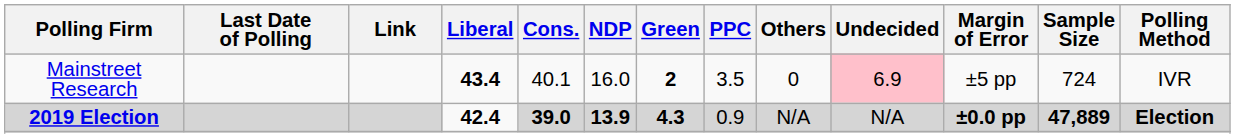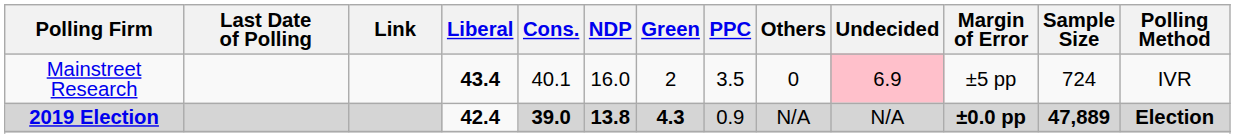 <table class="wikitable sortable" style="text-align:center;font-size:90%;line-height:14px;">
 <tr style="background:#e9e9e9;">
 <th style="width:120px">Polling Firm</th>
 <th style="width:110px">Last Date<br>of Polling</th>
 <th style="width:60px" class="unsortable">Link</th>
 <th style="background-color:"><a href='#'>Liberal</a></th>
 <th style="background-color:"><a href='#'>Cons.</a></th>
 <th style="background-color:"><a href='#'>NDP</a></th>
 <th style="background-color:"><a href='#'>Green</a></th>
 <th style="background-color:"><a href='#'><span>PPC</span></a></th>
 <th style="background-color:">Others</th>
 <th style="background-color:">Undecided</th>
 <th style="width:60px;" class=unsortable>Margin<br>of Error</th>
 <th style="width:50px;" class=unsortable>Sample<br>Size</th>
 <th class=unsortable>Polling Method</th>
 </tr>
 <tr>
 <td><a href='#'>Mainstreet Research</a></td>
 <td></td>
 <td></td>
 <td><strong>43.4</strong></td>
 <td>40.1</td>
 <td>16.0</td>
-<td><strong>2</strong></td>
+<td>2</td>
 <td>3.5</td>
 <td>0</td>
 <td style="background: pink;">6.9</td>
 <td>±5 pp</td>
 <td>724</td>
 <td>IVR</td>
 </tr>
 <tr>
 <td style="background:#D5D5D5"><strong><a href='#'>2019 Election</a></strong></td>
 <td style="background:#D5D5D5"><strong></strong></td>
 <td style="background:#D5D5D5"></td>
 <td><strong>42.4</strong></td>
 <td style="background:#D5D5D5"><strong>39.0</strong></td>
-<td style="background:#D5D5D5"><strong>13.9</strong></td>
+<td style="background:#D5D5D5"><strong>13.8</strong></td>
 <td style="background:#D5D5D5"><strong>4.3</strong></td>
 <td style="background:#D5D5D5">0.9</td>
 <td style="background:#D5D5D5">N/A</td>
 <td style="background:#D5D5D5">N/A</td>
 <td style="background:#D5D5D5"><strong>±0.0 pp</strong></td>
 <td style="background:#D5D5D5"><strong>47,889</strong></td>
 <td style="background:#D5D5D5"><strong>Election</strong></td>
 </tr>
 <tr>
 </tr>
 <tr>
 </tr>
 </table>
